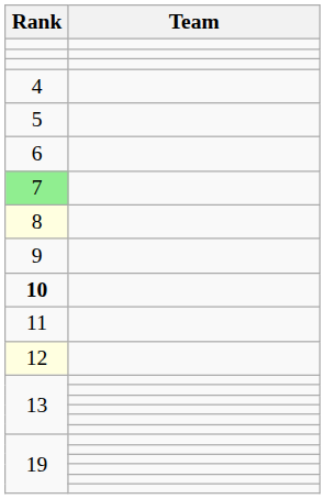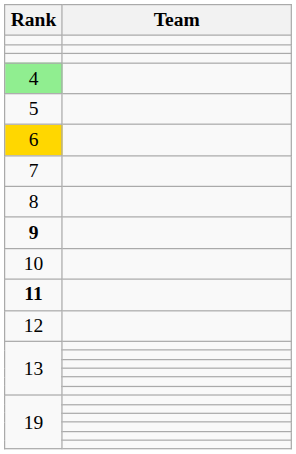 <table class="wikitable" style="text-align:center">
 <tr>
 <th width=40>Rank</th>
 <th width=180>Team</th>
 </tr>
 <tr>
 <td></td>
 <td style="text-align:left"></td>
 </tr>
 <tr>
 <td></td>
 <td style="text-align:left"></td>
 </tr>
 <tr>
 <td></td>
 <td style="text-align:left"></td>
 </tr>
 <tr>
-<td>4</td>
+<td style="background: lightgreen;">4</td>
 <td style="text-align:left"></td>
 </tr>
 <tr>
 <td>5</td>
 <td style="text-align:left"></td>
 </tr>
 <tr>
-<td>6</td>
+<td style="background: gold;">6</td>
 <td style="text-align:left"></td>
 </tr>
 <tr>
-<td style="background: lightgreen;">7</td>
+<td>7</td>
 <td style="text-align:left"></td>
 </tr>
 <tr>
-<td style="background: lightyellow;">8</td>
+<td>8</td>
 <td style="text-align:left"></td>
 </tr>
 <tr>
-<td>9</td>
+<td><strong>9</strong></td>
 <td style="text-align:left"></td>
 </tr>
 <tr>
-<td><strong>10</strong></td>
+<td>10</td>
 <td style="text-align:left"></td>
 </tr>
 <tr>
-<td>11</td>
+<td><strong>11</strong></td>
 <td style="text-align:left"></td>
 </tr>
 <tr>
-<td style="background: lightyellow;">12</td>
+<td>12</td>
 <td style="text-align:left"></td>
 </tr>
 <tr>
 <td rowspan=6>13</td>
 <td style="text-align:left"></td>
 </tr>
 <tr>
 <td style="text-align:left"></td>
 </tr>
 <tr>
 <td style="text-align:left"></td>
 </tr>
 <tr>
 <td style="text-align:left"></td>
 </tr>
 <tr>
 <td style="text-align:left"></td>
 </tr>
 <tr>
 <td style="text-align:left"></td>
 </tr>
 <tr>
 <td rowspan=6>19</td>
 <td style="text-align:left"></td>
 </tr>
 <tr>
 <td style="text-align:left"></td>
 </tr>
 <tr>
 <td style="text-align:left"></td>
 </tr>
 <tr>
 <td style="text-align:left"></td>
 </tr>
 <tr>
 <td style="text-align:left"></td>
 </tr>
 <tr>
 <td style="text-align:left"></td>
 </tr>
 </table>
